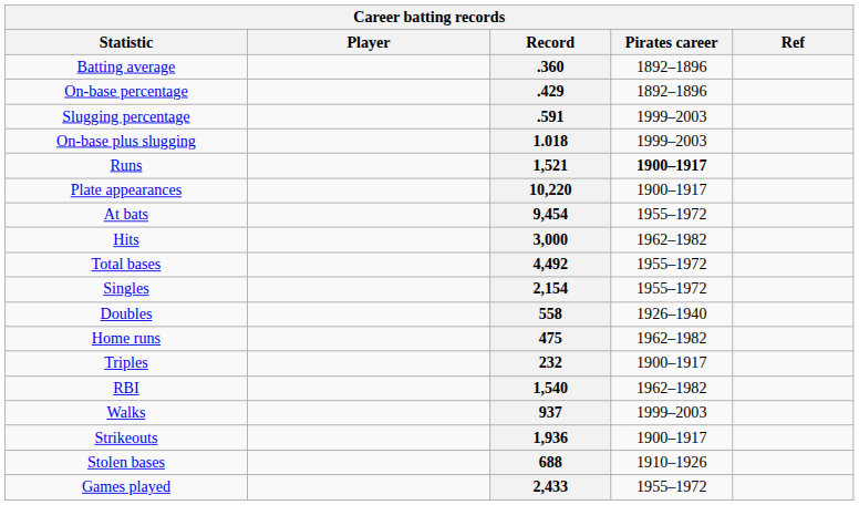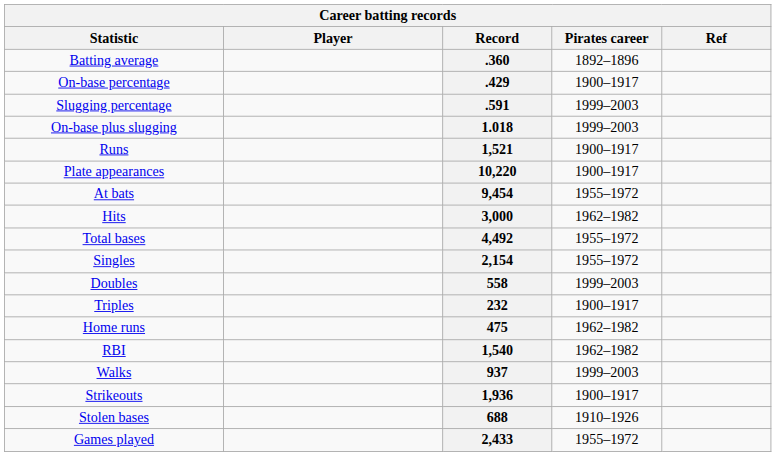 <table class="wikitable sortable" style="text-align:center" width="69%">
 <tr>
 <th colspan=5>Career batting records</th>
 </tr>
 <tr>
 <th scope="col" width=20%>Statistic</th>
 <th scope="col" width=20%>Player</th>
 <th scope="col" width=10% class="unsortable">Record</th>
 <th scope="col" width=10%>Pirates career</th>
 <th scope="col" width=10% class="unsortable">Ref</th>
 </tr>
 <tr>
 <td><a href='#'>Batting average</a></td>
 <td></td>
 <th scope="row">.360</th>
 <td>1892–1896</td>
 <td></td>
 </tr>
 <tr>
 <td><a href='#'>On-base percentage</a></td>
 <td></td>
 <th scope="row">.429</th>
-<td>1892–1896</td>
+<td>1900–1917</td>
 <td></td>
 </tr>
 <tr>
 <td><a href='#'>Slugging percentage</a></td>
 <td></td>
 <th scope="row">.591</th>
 <td>1999–2003</td>
 <td></td>
 </tr>
 <tr>
 <td><a href='#'>On-base plus slugging</a></td>
 <td></td>
 <th scope="row">1.018</th>
 <td>1999–2003</td>
 <td></td>
 </tr>
 <tr>
 <td><a href='#'>Runs</a></td>
 <td></td>
 <th scope="row">1,521</th>
-<td><strong>1900–1917</strong></td>
+<td>1900–1917</td>
 <td></td>
 </tr>
 <tr>
 <td><a href='#'>Plate appearances</a></td>
 <td></td>
 <th scope="row">10,220</th>
 <td>1900–1917</td>
 <td></td>
 </tr>
 <tr>
 <td><a href='#'>At bats</a></td>
 <td></td>
 <th scope="row">9,454</th>
 <td>1955–1972</td>
 <td></td>
 </tr>
 <tr>
 <td><a href='#'>Hits</a></td>
 <td></td>
 <th scope="row">3,000</th>
 <td>1962–1982</td>
 <td></td>
 </tr>
 <tr>
 <td><a href='#'>Total bases</a></td>
 <td></td>
 <th scope="row">4,492</th>
 <td>1955–1972</td>
 <td></td>
 </tr>
 <tr>
 <td><a href='#'>Singles</a></td>
 <td></td>
 <th scope="row">2,154</th>
 <td>1955–1972</td>
 <td></td>
 </tr>
 <tr>
 <td><a href='#'>Doubles</a></td>
 <td></td>
 <th scope="row">558</th>
-<td>1926–1940</td>
+<td>1999–2003</td>
+<td></td>
+</tr>
+<tr>
+<td><a href='#'>Triples</a></td>
+<td></td>
+<th scope="row">232</th>
+<td>1900–1917</td>
 <td></td>
 </tr>
 <tr>
 <td><a href='#'>Home runs</a></td>
 <td></td>
 <th scope="row">475</th>
 <td>1962–1982</td>
-<td></td>
-</tr>
-<tr>
-<td><a href='#'>Triples</a></td>
-<td></td>
-<th scope="row">232</th>
-<td>1900–1917</td>
 <td></td>
 </tr>
 <tr>
 <td><a href='#'>RBI</a></td>
 <td></td>
 <th scope="row">1,540</th>
 <td>1962–1982</td>
 <td></td>
 </tr>
 <tr>
 <td><a href='#'>Walks</a></td>
 <td></td>
 <th scope="row">937</th>
 <td>1999–2003</td>
 <td></td>
 </tr>
 <tr>
 <td><a href='#'>Strikeouts</a></td>
 <td></td>
 <th scope="row">1,936</th>
 <td>1900–1917</td>
 <td></td>
 </tr>
 <tr>
 <td><a href='#'>Stolen bases</a></td>
 <td></td>
 <th scope="row">688</th>
 <td>1910–1926</td>
 <td></td>
 </tr>
 <tr>
 <td><a href='#'>Games played</a></td>
 <td></td>
 <th scope="row">2,433</th>
 <td>1955–1972</td>
 <td></td>
 </tr>
 </table>
